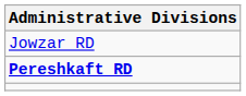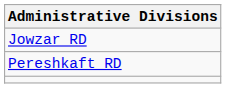 <table class="wikitable">
 <tr>
 <th>Administrative Divisions</th>
 </tr>
 <tr>
 <td><a href='#'>Jowzar RD</a></td>
 </tr>
 <tr>
-<td><strong><a href='#'>Pereshkaft RD</a></strong></td>
+<td><a href='#'>Pereshkaft RD</a></td>
 </tr>
 <tr>
 <td colspan=1></td>
 </tr>
 </table>
